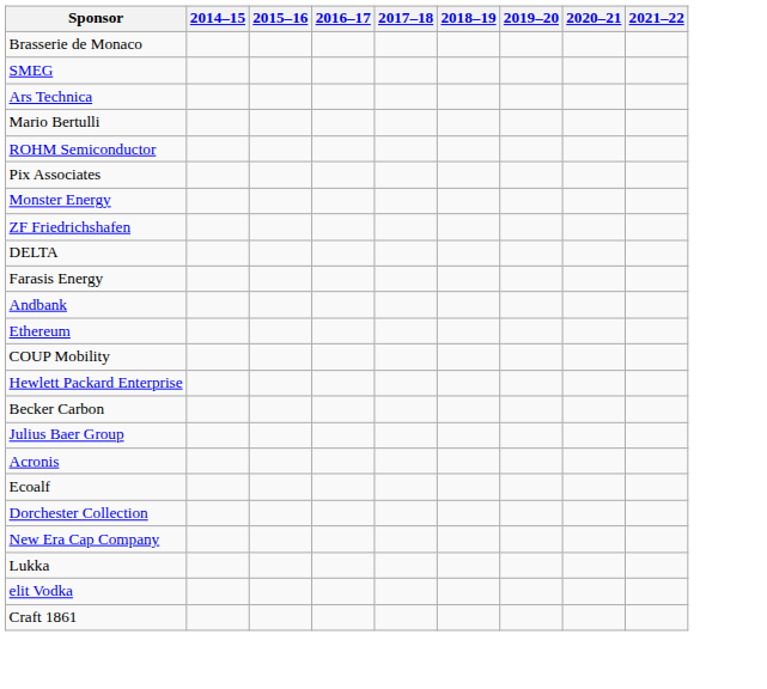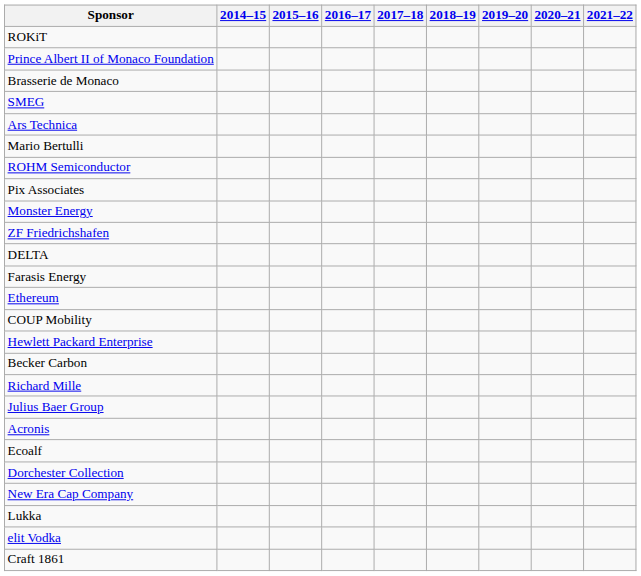 <table class="wikitable sortable" style="font-size:85%; display: inline-table;">
 <tr>
 <th>Sponsor</th>
 <th><a href='#'>2014–15</a></th>
 <th><a href='#'>2015–16</a></th>
 <th><a href='#'>2016–17</a></th>
 <th><a href='#'>2017–18</a></th>
 <th><a href='#'>2018–19</a></th>
 <th><a href='#'>2019–20</a></th>
 <th><a href='#'>2020–21</a></th>
 <th><a href='#'>2021–22</a></th>
+</tr>
+<tr>
+<td>ROKiT</td>
+<td></td>
+<td></td>
+<td></td>
+<td></td>
+<td></td>
+<td> <strong></strong></td>
+<td> <strong></strong></td>
+<td> <strong></strong></td>
+</tr>
+<tr>
+<td><a href='#'>Prince Albert II of Monaco Foundation</a></td>
+<td></td>
+<td></td>
+<td></td>
+<td></td>
+<td></td>
+<td></td>
+<td></td>
+<td></td>
 </tr>
 <tr>
 <td>Brasserie de Monaco</td>
 <td></td>
 <td></td>
 <td></td>
 <td></td>
 <td></td>
 <td></td>
 <td></td>
 <td></td>
 </tr>
 <tr>
 <td><a href='#'>SMEG</a></td>
 <td></td>
 <td></td>
 <td></td>
 <td></td>
 <td></td>
 <td></td>
 <td></td>
 <td></td>
 </tr>
 <tr>
 <td><a href='#'>Ars Technica</a></td>
 <td></td>
 <td></td>
 <td></td>
 <td></td>
 <td></td>
 <td></td>
 <td></td>
 <td></td>
 </tr>
 <tr>
 <td>Mario Bertulli</td>
 <td></td>
 <td></td>
 <td></td>
 <td></td>
 <td></td>
 <td></td>
 <td></td>
 <td></td>
 </tr>
 <tr>
 <td><a href='#'>ROHM Semiconductor</a></td>
 <td></td>
 <td></td>
 <td></td>
 <td></td>
 <td></td>
 <td></td>
 <td></td>
 <td></td>
 </tr>
 <tr>
 <td>Pix Associates</td>
 <td></td>
 <td></td>
 <td></td>
 <td></td>
 <td></td>
 <td></td>
 <td></td>
 <td></td>
 </tr>
 <tr>
 <td><a href='#'>Monster Energy</a></td>
 <td></td>
 <td></td>
 <td></td>
 <td></td>
 <td></td>
 <td></td>
 <td></td>
 <td></td>
 </tr>
 <tr>
 <td><a href='#'>ZF Friedrichshafen</a></td>
 <td></td>
 <td></td>
 <td></td>
 <td></td>
 <td></td>
 <td></td>
 <td></td>
 <td></td>
 </tr>
 <tr>
 <td>DELTA</td>
 <td></td>
 <td></td>
 <td></td>
 <td></td>
 <td></td>
 <td></td>
 <td></td>
 <td></td>
 </tr>
 <tr>
 <td>Farasis Energy</td>
 <td></td>
 <td></td>
 <td></td>
 <td></td>
 <td></td>
 <td></td>
 <td></td>
 <td></td>
 </tr>
 <tr>
-<td><a href='#'>Andbank</a></td>
-<td></td>
-<td></td>
-<td></td>
-<td></td>
-<td></td>
-<td></td>
-<td></td>
-<td></td>
-</tr>
-<tr>
 <td><a href='#'>Ethereum</a></td>
 <td></td>
 <td></td>
 <td></td>
 <td></td>
 <td></td>
 <td></td>
 <td></td>
 <td></td>
 </tr>
 <tr>
 <td>COUP Mobility</td>
 <td></td>
 <td></td>
 <td></td>
 <td></td>
 <td></td>
 <td></td>
 <td></td>
 <td></td>
 </tr>
 <tr>
 <td><a href='#'>Hewlett Packard Enterprise</a></td>
 <td></td>
 <td></td>
 <td></td>
 <td></td>
 <td></td>
 <td></td>
 <td></td>
 <td></td>
 </tr>
 <tr>
 <td>Becker Carbon</td>
+<td></td>
+<td></td>
+<td></td>
+<td></td>
+<td></td>
+<td></td>
+<td></td>
+<td></td>
+</tr>
+<tr>
+<td><a href='#'>Richard Mille</a></td>
 <td></td>
 <td></td>
 <td></td>
 <td></td>
 <td></td>
 <td></td>
 <td></td>
 <td></td>
 </tr>
 <tr>
 <td><a href='#'>Julius Baer Group</a></td>
 <td></td>
 <td></td>
 <td></td>
 <td></td>
 <td></td>
 <td></td>
 <td></td>
 <td></td>
 </tr>
 <tr>
 <td><a href='#'>Acronis</a></td>
 <td></td>
 <td></td>
 <td></td>
 <td></td>
 <td></td>
 <td></td>
 <td></td>
 <td></td>
 </tr>
 <tr>
 <td>Ecoalf</td>
 <td></td>
 <td></td>
 <td></td>
 <td></td>
 <td></td>
 <td></td>
 <td></td>
 <td></td>
 </tr>
 <tr>
 <td><a href='#'>Dorchester Collection</a></td>
 <td></td>
 <td></td>
 <td></td>
 <td></td>
 <td></td>
 <td></td>
 <td></td>
 <td></td>
 </tr>
 <tr>
 <td><a href='#'>New Era Cap Company</a></td>
 <td></td>
 <td></td>
 <td></td>
 <td></td>
 <td></td>
 <td></td>
 <td></td>
 <td></td>
 </tr>
 <tr>
 <td>Lukka</td>
 <td></td>
 <td></td>
 <td></td>
 <td></td>
 <td></td>
 <td></td>
 <td></td>
 <td></td>
 </tr>
 <tr>
 <td><a href='#'>elit Vodka</a></td>
 <td></td>
 <td></td>
 <td></td>
 <td></td>
 <td></td>
 <td></td>
 <td></td>
 <td></td>
 </tr>
 <tr>
 <td>Craft 1861</td>
 <td></td>
 <td></td>
 <td></td>
 <td></td>
 <td></td>
 <td></td>
 <td></td>
 <td></td>
 </tr>
 </table>
